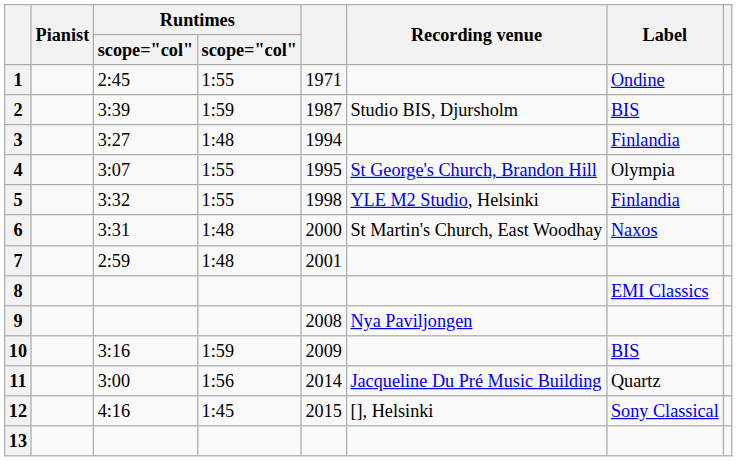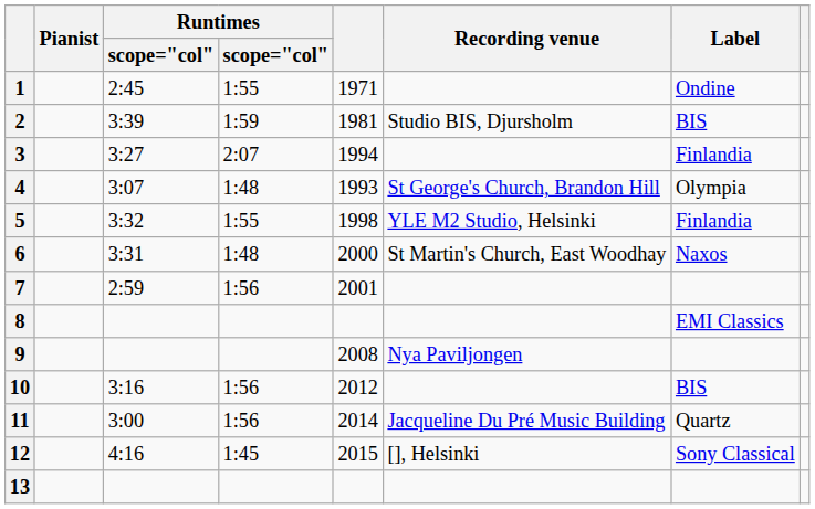 <table class="wikitable sortable" style="margin-right:0; font-size:95%">
 <tr>
 <th rowspan=2 scope="col"></th>
 <th rowspan=2 scope=col>Pianist</th>
 <th colspan=2 scope=col>Runtimes</th>
 <th rowspan=2 scope=col></th>
 <th rowspan=2 scope=col>Recording venue</th>
 <th rowspan=2 scope=col>Label</th>
 <th rowspan=2 scope=col class="unsortable"></th>
 </tr>
 <tr>
 <th>scope="col" </th>
 <th>scope="col" </th>
 </tr>
 <tr>
 <th scope="row">1</th>
 <td></td>
 <td>2:45</td>
 <td>1:55</td>
 <td>1971</td>
 <td></td>
 <td><a href='#'>Ondine</a></td>
 <td></td>
 </tr>
 <tr>
 <th scope="row">2</th>
 <td></td>
 <td>3:39</td>
 <td>1:59</td>
-<td>1987</td>
+<td>1981</td>
 <td>Studio BIS, Djursholm</td>
 <td><a href='#'>BIS</a></td>
 <td></td>
 </tr>
 <tr>
 <th scope="row">3</th>
 <td></td>
 <td>3:27</td>
-<td>1:48</td>
+<td>2:07</td>
 <td>1994</td>
 <td></td>
 <td><a href='#'>Finlandia</a></td>
 <td></td>
 </tr>
 <tr>
 <th scope="row">4</th>
 <td></td>
 <td>3:07</td>
-<td>1:55</td>
-<td>1995</td>
+<td>1:48</td>
+<td>1993</td>
 <td><a href='#'>St George's Church, Brandon Hill</a></td>
 <td>Olympia</td>
 <td></td>
 </tr>
 <tr>
 <th scope="row">5</th>
 <td></td>
 <td>3:32</td>
 <td>1:55</td>
 <td>1998</td>
 <td><a href='#'>YLE M2 Studio</a>, Helsinki</td>
 <td><a href='#'>Finlandia</a></td>
 <td></td>
 </tr>
 <tr>
 <th scope="row">6</th>
 <td></td>
 <td>3:31</td>
 <td>1:48</td>
 <td>2000</td>
 <td>St Martin's Church, East Woodhay</td>
 <td><a href='#'>Naxos</a></td>
 <td></td>
 </tr>
 <tr>
 <th scope="row">7</th>
 <td></td>
 <td>2:59</td>
-<td>1:48</td>
+<td>1:56</td>
 <td>2001</td>
 <td></td>
 <td></td>
 <td></td>
 </tr>
 <tr>
 <th scope="row">8</th>
 <td></td>
 <td></td>
 <td></td>
 <td></td>
 <td></td>
 <td><a href='#'>EMI Classics</a></td>
 <td></td>
 </tr>
 <tr>
 <th scope="row">9</th>
 <td></td>
 <td></td>
 <td></td>
 <td>2008</td>
 <td><a href='#'>Nya Paviljongen</a></td>
 <td></td>
 <td></td>
 </tr>
 <tr>
 <th scope="row">10</th>
 <td></td>
 <td>3:16</td>
-<td>1:59</td>
-<td>2009</td>
+<td>1:56</td>
+<td>2012</td>
 <td></td>
 <td><a href='#'>BIS</a></td>
 <td></td>
 </tr>
 <tr>
 <th scope="row">11</th>
 <td></td>
 <td>3:00</td>
 <td>1:56</td>
 <td>2014</td>
 <td><a href='#'>Jacqueline Du Pré Music Building</a></td>
 <td>Quartz</td>
 <td></td>
 </tr>
 <tr>
 <th scope="row">12</th>
 <td></td>
 <td>4:16</td>
 <td>1:45</td>
 <td>2015</td>
 <td>[], Helsinki</td>
 <td><a href='#'>Sony Classical</a></td>
 <td></td>
 </tr>
 <tr>
 <th scope="row">13</th>
 <td></td>
 <td></td>
 <td></td>
 <td></td>
 <td></td>
 <td></td>
 <td></td>
 </tr>
 </table>
